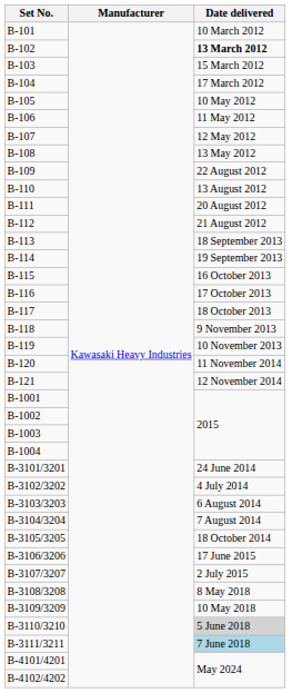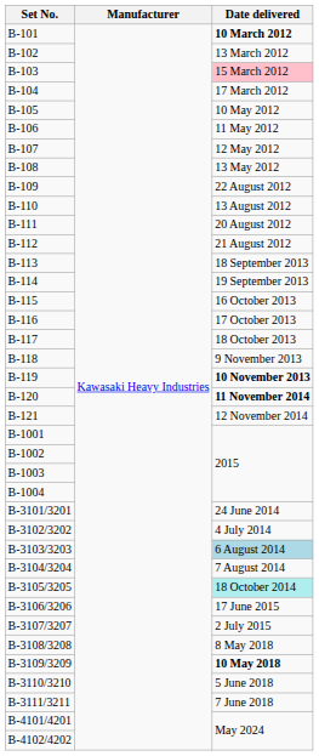 <table class="wikitable">
 <tr>
 <th>Set No.</th>
 <th>Manufacturer</th>
 <th>Date delivered</th>
 </tr>
 <tr>
 <td>B-101</td>
 <td rowspan="38"><a href='#'>Kawasaki Heavy Industries</a></td>
-<td>10 March 2012</td>
+<td><strong>10 March 2012</strong></td>
 </tr>
 <tr>
 <td>B-102</td>
-<td><strong>13 March 2012</strong></td>
+<td>13 March 2012</td>
 </tr>
 <tr>
 <td>B-103</td>
-<td>15 March 2012</td>
+<td style="background: pink;">15 March 2012</td>
 </tr>
 <tr>
 <td>B-104</td>
 <td>17 March 2012</td>
 </tr>
 <tr>
 <td>B-105</td>
 <td>10 May 2012</td>
 </tr>
 <tr>
 <td>B-106</td>
 <td>11 May 2012</td>
 </tr>
 <tr>
 <td>B-107</td>
 <td>12 May 2012</td>
 </tr>
 <tr>
 <td>B-108</td>
 <td>13 May 2012</td>
 </tr>
 <tr>
 <td>B-109</td>
 <td>22 August 2012</td>
 </tr>
 <tr>
 <td>B-110</td>
 <td>13 August 2012</td>
 </tr>
 <tr>
 <td>B-111</td>
 <td>20 August 2012</td>
 </tr>
 <tr>
 <td>B-112</td>
 <td>21 August 2012</td>
 </tr>
 <tr>
 <td>B-113</td>
 <td>18 September 2013</td>
 </tr>
 <tr>
 <td>B-114</td>
 <td>19 September 2013</td>
 </tr>
 <tr>
 <td>B-115</td>
 <td>16 October 2013</td>
 </tr>
 <tr>
 <td>B-116</td>
 <td>17 October 2013</td>
 </tr>
 <tr>
 <td>B-117</td>
 <td>18 October 2013</td>
 </tr>
 <tr>
 <td>B-118</td>
 <td>9 November 2013</td>
 </tr>
 <tr>
 <td>B-119</td>
-<td>10 November 2013</td>
+<td><strong>10 November 2013</strong></td>
 </tr>
 <tr>
 <td>B-120</td>
-<td>11 November 2014</td>
+<td><strong>11 November 2014</strong></td>
 </tr>
 <tr>
 <td>B-121</td>
 <td>12 November 2014</td>
 </tr>
 <tr>
 <td>B-1001</td>
 <td rowspan="4">2015</td>
 </tr>
 <tr>
 <td>B-1002</td>
 </tr>
 <tr>
 <td>B-1003</td>
 </tr>
 <tr>
 <td>B-1004</td>
 </tr>
 <tr>
 <td>B-3101/3201</td>
 <td>24 June 2014</td>
 </tr>
 <tr>
 <td>B-3102/3202</td>
 <td>4 July 2014</td>
 </tr>
 <tr>
 <td>B-3103/3203</td>
-<td>6 August 2014</td>
+<td style="background: lightblue;">6 August 2014</td>
 </tr>
 <tr>
 <td>B-3104/3204</td>
 <td>7 August 2014</td>
 </tr>
 <tr>
 <td>B-3105/3205</td>
-<td>18 October 2014</td>
+<td style="background: paleturquoise;">18 October 2014</td>
 </tr>
 <tr>
 <td>B-3106/3206</td>
 <td>17 June 2015</td>
 </tr>
 <tr>
 <td>B-3107/3207</td>
 <td>2 July 2015</td>
 </tr>
 <tr>
 <td>B-3108/3208</td>
 <td>8 May 2018</td>
 </tr>
 <tr>
 <td>B-3109/3209</td>
-<td>10 May 2018</td>
+<td><strong>10 May 2018</strong></td>
 </tr>
 <tr>
 <td>B-3110/3210</td>
-<td style="background: lightgrey;">5 June 2018</td>
+<td>5 June 2018</td>
 </tr>
 <tr>
 <td>B-3111/3211</td>
-<td style="background: lightblue;">7 June 2018</td>
+<td>7 June 2018</td>
 </tr>
 <tr>
 <td>B-4101/4201</td>
 <td rowspan="2">May 2024</td>
 </tr>
 <tr>
 <td>B-4102/4202</td>
 </tr>
 </table>
